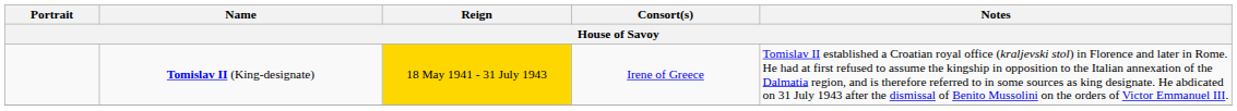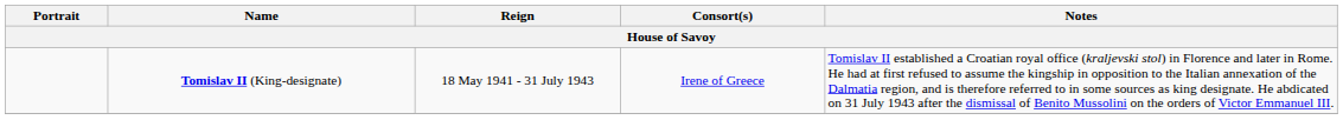 <table class="wikitable" style="text-align:center" width="100%">
 <tr>
 <th width="5%">Portrait</th>
 <th width="15%">Name</th>
 <th width="10%">Reign</th>
 <th width="10%">Consort(s)</th>
 <th width="25%">Notes</th>
 </tr>
 <tr>
 <th colspan="5">House of Savoy</th>
 </tr>
 <tr>
 <td></td>
 <td><strong><a href='#'>Tomislav II</a></strong> (King-designate)</td>
-<td style="background: gold;">18 May 1941 - 31 July 1943</td>
+<td>18 May 1941 - 31 July 1943</td>
 <td><a href='#'>Irene of Greece</a></td>
 <td align="left"><a href='#'>Tomislav II</a> established a Croatian royal office (<em>kraljevski</em> <em>stol</em>) in Florence and later in Rome. He had at first refused to assume the kingship in opposition to the Italian annexation of the <a href='#'>Dalmatia</a> region, and is therefore referred to in some sources as king designate. He abdicated on 31 July 1943 after the <a href='#'>dismissal</a> of <a href='#'>Benito Mussolini</a> on the orders of <a href='#'>Victor Emmanuel III</a>.</td>
 </tr>
 <tr>
 </tr>
 </table>
